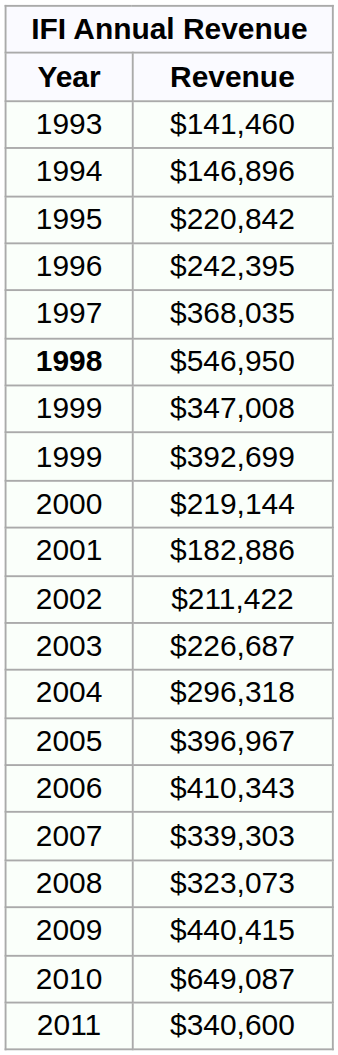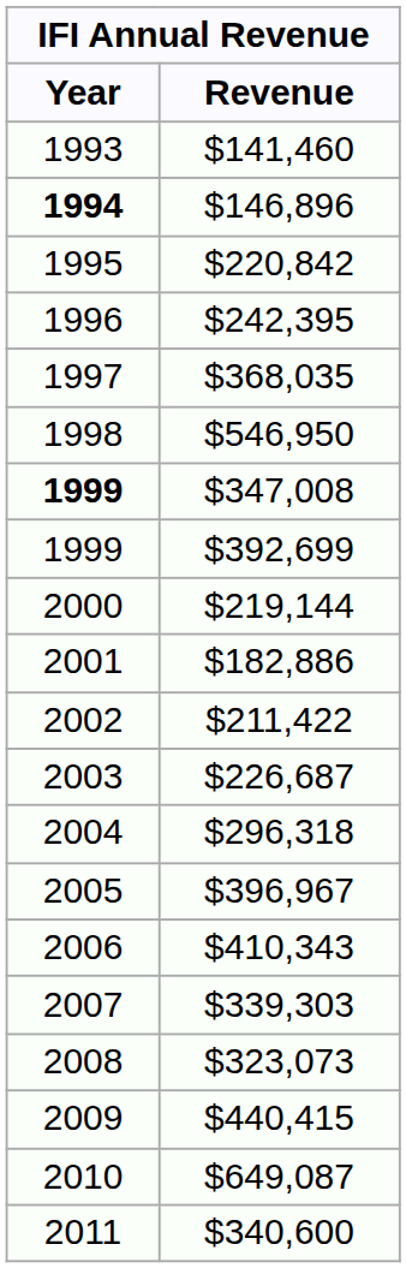 <table class="wikitable" style="background:#FAFFFA; clear: both; float: right; margin-left: 20px;">
 <tr>
 <th colspan="2" style="background: #FAFAFF;">IFI Annual Revenue</th>
 </tr>
 <tr>
 <th style="background: #FAFAFF;">Year</th>
 <th style="background: #FAFAFF;">Revenue</th>
 </tr>
 <tr align="center">
 <td style="width:60px;">1993</td>
 <td style="width:100px;">$141,460</td>
 </tr>
 <tr align="center">
-<td>1994</td>
+<td><strong>1994</strong></td>
 <td>$146,896</td>
 </tr>
 <tr align="center">
 <td>1995</td>
 <td>$220,842</td>
 </tr>
 <tr align="center">
 <td>1996</td>
 <td>$242,395</td>
 </tr>
 <tr align="center">
 <td>1997</td>
 <td>$368,035</td>
 </tr>
 <tr align="center">
-<td><strong>1998</strong></td>
+<td>1998</td>
 <td>$546,950</td>
 </tr>
 <tr align="center">
-<td>1999</td>
+<td><strong>1999</strong></td>
 <td>$347,008</td>
 </tr>
 <tr align="center">
 <td>1999</td>
 <td>$392,699</td>
 </tr>
 <tr align="center">
 <td>2000</td>
 <td>$219,144</td>
 </tr>
 <tr align="center">
 <td>2001</td>
 <td>$182,886</td>
 </tr>
 <tr align="center">
 <td>2002</td>
 <td>$211,422</td>
 </tr>
 <tr align="center">
 <td>2003</td>
 <td>$226,687</td>
 </tr>
 <tr align="center">
 <td>2004</td>
 <td>$296,318</td>
 </tr>
 <tr align="center">
 <td>2005</td>
 <td>$396,967</td>
 </tr>
 <tr align="center">
 <td>2006</td>
 <td>$410,343</td>
 </tr>
 <tr align="center">
 <td>2007</td>
 <td>$339,303</td>
 </tr>
 <tr align="center">
 <td>2008</td>
 <td>$323,073</td>
 </tr>
 <tr align="center">
 <td>2009</td>
 <td>$440,415</td>
 </tr>
 <tr align="center">
 <td>2010</td>
 <td>$649,087</td>
 </tr>
 <tr align="center">
 <td>2011</td>
 <td>$340,600</td>
 </tr>
 </table>
